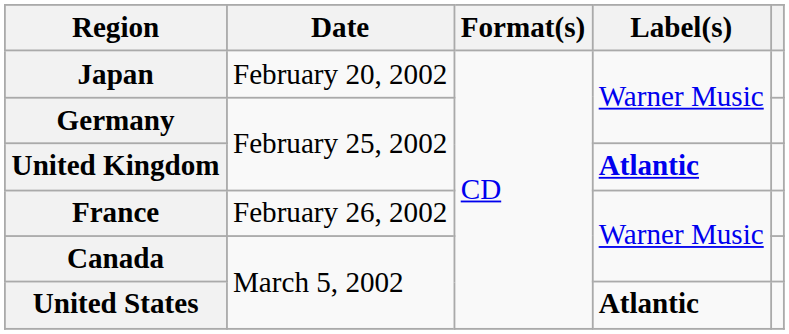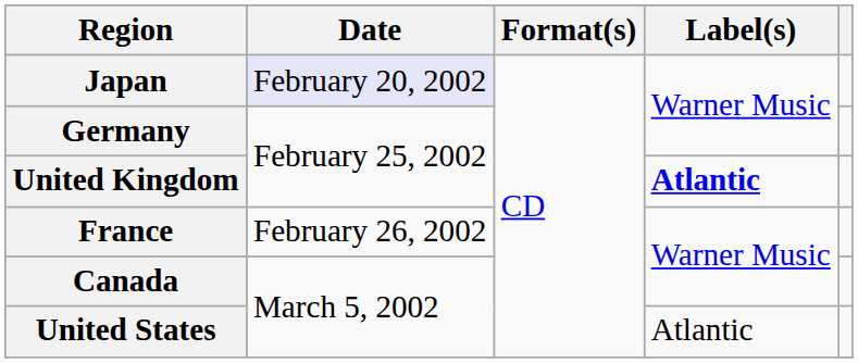 <table class="wikitable sortable plainrowheaders">
 <tr>
 <th scope="col">Region</th>
 <th scope="col">Date</th>
 <th scope="col">Format(s)</th>
 <th scope="col">Label(s)</th>
 <th scope="col"></th>
 </tr>
 <tr>
 <th scope="row">Japan</th>
-<td>February 20, 2002</td>
+<td style="background: lavender;">February 20, 2002</td>
 <td rowspan="6"><a href='#'>CD</a></td>
 <td rowspan="2"><a href='#'>Warner Music</a></td>
 <td align="center"></td>
 </tr>
 <tr>
 <th scope="row">Germany</th>
 <td rowspan="2">February 25, 2002</td>
 <td align="center"></td>
 </tr>
 <tr>
 <th scope="row">United Kingdom</th>
 <td><strong><a href='#'>Atlantic</a></strong></td>
 <td></td>
 </tr>
 <tr>
 <th scope="row">France</th>
 <td>February 26, 2002</td>
 <td rowspan="2"><a href='#'>Warner Music</a></td>
 <td align="center"></td>
 </tr>
 <tr>
 <th scope="row">Canada</th>
 <td rowspan="2">March 5, 2002</td>
 <td align="center"></td>
 </tr>
 <tr>
 <th scope="row">United States</th>
-<td><strong>Atlantic</strong></td>
+<td>Atlantic</td>
 <td align="center"></td>
 </tr>
 </table>
